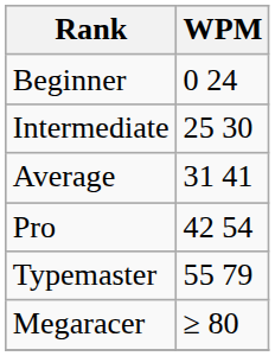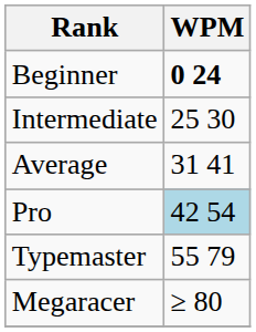 <table class="wikitable">
 <tr>
 <th>Rank</th>
 <th>WPM</th>
 </tr>
 <tr>
 <td>Beginner</td>
-<td>0  24</td>
+<td><strong>0  24</strong></td>
 </tr>
 <tr>
 <td>Intermediate</td>
 <td>25  30</td>
 </tr>
 <tr>
 <td>Average</td>
 <td>31  41</td>
 </tr>
 <tr>
 <td>Pro</td>
-<td>42  54</td>
+<td style="background: lightblue;">42  54</td>
 </tr>
 <tr>
 <td>Typemaster</td>
 <td>55  79</td>
 </tr>
 <tr>
 <td>Megaracer</td>
 <td>≥ 80</td>
 </tr>
 <tr>
 </tr>
 </table>
